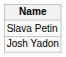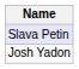 <table class="wikitable">
 <tr>
 <th>Name</th>
 </tr>
 <tr>
-<td> Slava Petin</td>
+<td style="background: lavender;"> Slava Petin</td>
 </tr>
 <tr>
 <td> Josh Yadon</td>
 </tr>
 </table>
